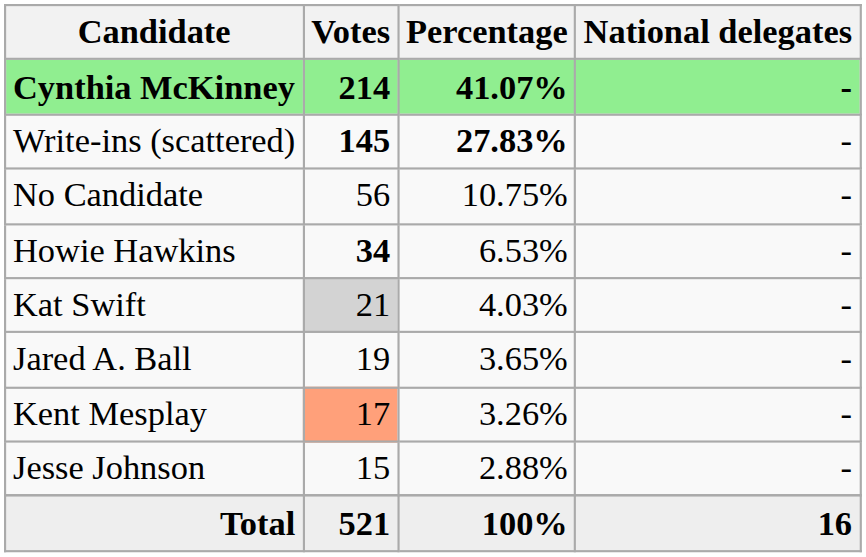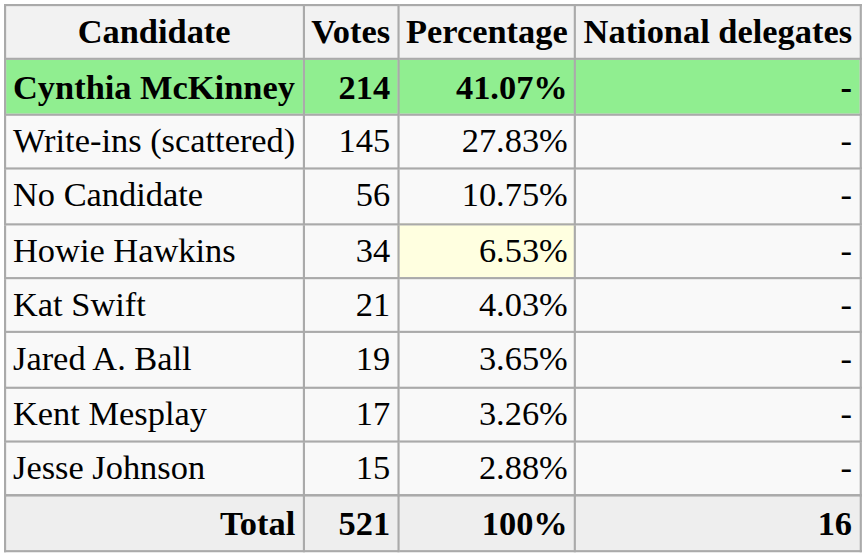 <table class="wikitable" style=" text-align:right;">
 <tr>
 <th>Candidate</th>
 <th>Votes</th>
 <th>Percentage</th>
 <th>National delegates</th>
 </tr>
 <tr style="background:lightgreen;">
 <td style="text-align:left;"><strong>Cynthia McKinney</strong></td>
 <td><strong>214</strong></td>
 <td><strong>41.07%</strong></td>
 <td><strong>-</strong></td>
 </tr>
 <tr>
 <td style="text-align:left;">Write-ins (scattered)</td>
-<td><strong>145</strong></td>
-<td><strong>27.83%</strong></td>
+<td>145</td>
+<td>27.83%</td>
 <td>-</td>
 </tr>
 <tr>
 <td style="text-align:left;">No Candidate</td>
 <td>56</td>
 <td>10.75%</td>
 <td>-</td>
 </tr>
 <tr>
 <td style="text-align:left;">Howie Hawkins</td>
-<td><strong>34</strong></td>
-<td>6.53%</td>
+<td>34</td>
+<td style="background: lightyellow;">6.53%</td>
 <td>-</td>
 </tr>
 <tr>
 <td style="text-align:left;">Kat Swift</td>
-<td style="background: lightgrey;">21</td>
+<td>21</td>
 <td>4.03%</td>
 <td>-</td>
 </tr>
 <tr>
 <td style="text-align:left;">Jared A. Ball</td>
 <td>19</td>
 <td>3.65%</td>
 <td>-</td>
 </tr>
 <tr>
 <td style="text-align:left;">Kent Mesplay</td>
-<td style="background: lightsalmon;">17</td>
+<td>17</td>
 <td>3.26%</td>
 <td>-</td>
 </tr>
 <tr>
 <td style="text-align:left;">Jesse Johnson</td>
 <td>15</td>
 <td>2.88%</td>
 <td>-</td>
 </tr>
 <tr>
 </tr>
 <tr style="background:#eee;">
 <td style="margin-right:0.50px"><strong>Total</strong></td>
 <td style="margin-right:0.50px"><strong>521</strong></td>
 <td style="margin-right:0.50px"><strong>100%</strong></td>
 <td style="margin-right:0.50px"><strong>16</strong></td>
 </tr>
 </table>
